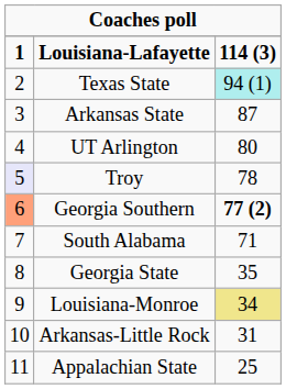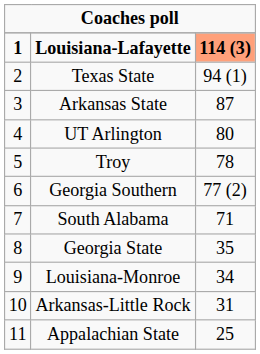 <table class="wikitable">
 <tr style="text-align:center;">
 <td colspan="3"><strong>Coaches poll </strong></td>
 </tr>
 <tr style="text-align:center;">
 </tr>
 <tr style="text-align:center;">
 <td><strong>1</strong></td>
 <td><strong>Louisiana-Lafayette</strong></td>
-<td><strong>114 (3)</strong></td>
+<td style="background: lightsalmon;"><strong>114 (3)</strong></td>
 </tr>
 <tr style="text-align:center;">
 <td>2</td>
 <td>Texas State</td>
-<td style="background: paleturquoise;">94 (1)</td>
+<td>94 (1)</td>
 </tr>
 <tr style="text-align:center;">
 <td>3</td>
 <td>Arkansas State</td>
 <td>87</td>
 </tr>
 <tr style="text-align:center;">
 <td>4</td>
 <td>UT Arlington</td>
 <td>80</td>
 </tr>
 <tr style="text-align:center;">
-<td style="background: lavender;">5</td>
+<td>5</td>
 <td>Troy</td>
 <td>78</td>
 </tr>
 <tr style="text-align:center;">
-<td style="background: lightsalmon;">6</td>
+<td>6</td>
 <td>Georgia Southern</td>
-<td><strong>77 (2)</strong></td>
+<td>77 (2)</td>
 </tr>
 <tr style="text-align:center;">
 <td>7</td>
 <td>South Alabama</td>
 <td>71</td>
 </tr>
 <tr style="text-align:center;">
 <td>8</td>
 <td>Georgia State</td>
 <td>35</td>
 </tr>
 <tr style="text-align:center;">
 <td>9</td>
 <td>Louisiana-Monroe</td>
-<td style="background: khaki;">34</td>
+<td>34</td>
 </tr>
 <tr style="text-align:center;">
 <td>10</td>
 <td>Arkansas-Little Rock</td>
 <td>31</td>
 </tr>
 <tr style="text-align:center;">
 <td>11</td>
 <td>Appalachian State</td>
 <td>25</td>
 </tr>
 </table>
